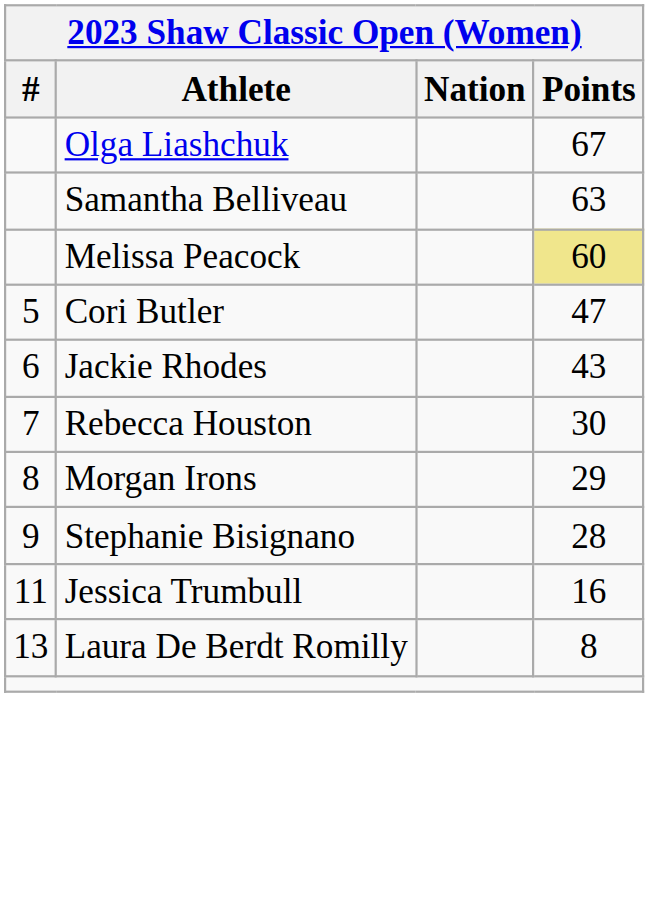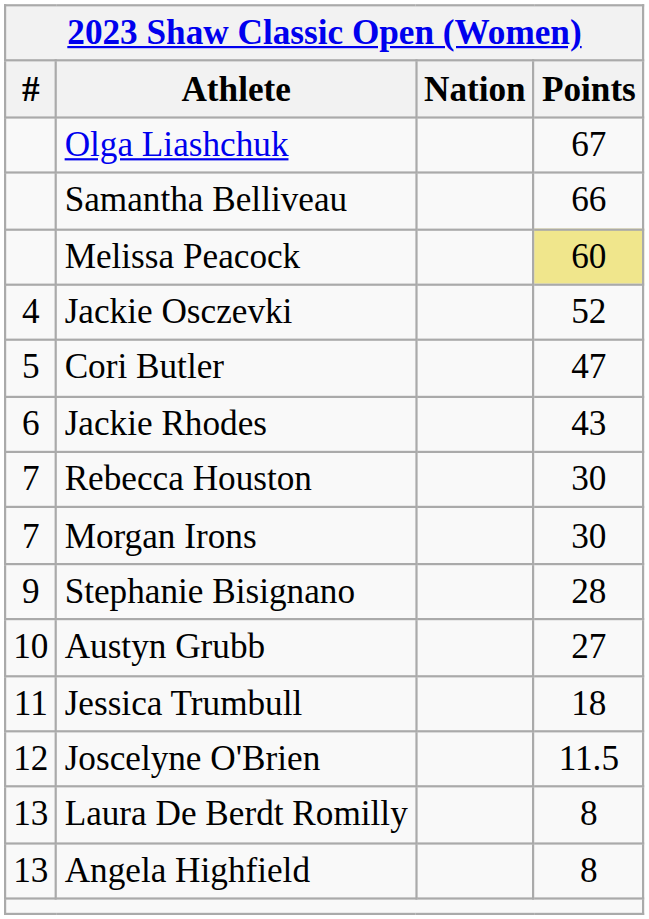 <table class="wikitable" style="display: inline-table; margin-left: 50px;text-align:center;">
 <tr>
 <th colspan="4"><a href='#'>2023 Shaw Classic Open (Women)</a></th>
 </tr>
 <tr>
 <th scope="col" style="width: 10px;">#</th>
 <th scope="col">Athlete</th>
 <th scope="col">Nation</th>
 <th scope="col">Points</th>
 </tr>
 <tr>
 <td></td>
 <td align=left><a href='#'>Olga Liashchuk</a></td>
 <td align=left></td>
 <td>67</td>
 </tr>
 <tr>
 <td></td>
 <td align=left>Samantha Belliveau</td>
 <td align=left></td>
-<td>63</td>
+<td>66</td>
 </tr>
 <tr>
 <td></td>
 <td align=left>Melissa Peacock</td>
 <td align=left></td>
 <td style="background: khaki;">60</td>
+</tr>
+<tr>
+<td>4</td>
+<td align=left>Jackie Osczevki</td>
+<td align=left></td>
+<td>52</td>
 </tr>
 <tr>
 <td>5</td>
 <td align=left>Cori Butler</td>
 <td align=left></td>
 <td>47</td>
 </tr>
 <tr>
 <td>6</td>
 <td align=left>Jackie Rhodes</td>
 <td align=left></td>
 <td>43</td>
 </tr>
 <tr>
 <td>7</td>
 <td align=left>Rebecca Houston</td>
 <td align=left></td>
 <td>30</td>
 </tr>
 <tr>
-<td>8</td>
+<td>7</td>
 <td align=left>Morgan Irons</td>
 <td align=left></td>
-<td>29</td>
+<td>30</td>
 </tr>
 <tr>
 <td>9</td>
 <td align=left>Stephanie Bisignano</td>
 <td align=left></td>
 <td>28</td>
 </tr>
 <tr>
+<td>10</td>
+<td align=left>Austyn Grubb</td>
+<td align=left></td>
+<td>27</td>
+</tr>
+<tr>
 <td>11</td>
 <td align=left>Jessica Trumbull</td>
 <td align=left></td>
-<td>16</td>
+<td>18</td>
+</tr>
+<tr>
+<td>12</td>
+<td align=left>Joscelyne O'Brien</td>
+<td align=left></td>
+<td>11.5</td>
 </tr>
 <tr>
 <td>13</td>
 <td align=left>Laura De Berdt Romilly</td>
 <td align=left></td>
 <td>8</td>
 </tr>
+<tr>
+<td>13</td>
+<td align=left>Angela Highfield</td>
+<td align=left></td>
+<td>8</td>
+</tr>
 <tr class="sortbottom">
 <td colspan="4"></td>
 </tr>
 </table>
